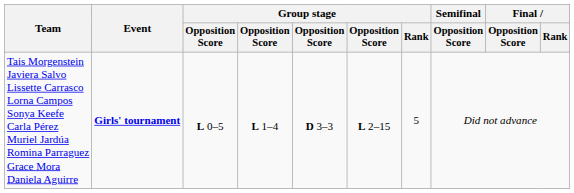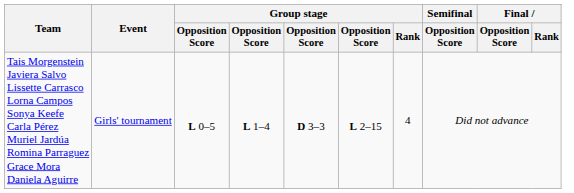 <table class=wikitable style=font-size:90%;text-align:center>
 <tr>
 <th rowspan=2>Team</th>
 <th rowspan=2>Event</th>
 <th colspan=5>Group stage</th>
 <th>Semifinal</th>
 <th colspan=2>Final / </th>
 </tr>
 <tr style=font-size:95%>
 <th>Opposition<br>Score</th>
 <th>Opposition<br>Score</th>
 <th>Opposition<br>Score</th>
 <th>Opposition<br>Score</th>
 <th>Rank</th>
 <th>Opposition<br>Score</th>
 <th>Opposition<br>Score</th>
 <th>Rank</th>
 </tr>
 <tr>
 <td align=left><a href='#'>Tais Morgenstein</a> <br> <a href='#'>Javiera Salvo</a> <br> <a href='#'>Lissette Carrasco</a> <br> <a href='#'>Lorna Campos</a> <br> <a href='#'>Sonya Keefe</a> <br> <a href='#'>Carla Pérez</a><br> <a href='#'>Muriel Jardúa</a> <br> <a href='#'>Romina Parraguez</a> <br> <a href='#'>Grace Mora</a> <br> <a href='#'>Daniela Aguirre</a></td>
-<td align=left><strong><a href='#'>Girls' tournament</a></strong></td>
+<td align=left><a href='#'>Girls' tournament</a></td>
 <td><br><strong>L</strong> 0–5</td>
 <td><br><strong>L</strong> 1–4</td>
 <td><br><strong>D</strong> 3–3</td>
 <td><br><strong>L</strong> 2–15</td>
-<td>5</td>
+<td>4</td>
 <td Colspan=3><em>Did not advance</em></td>
 </tr>
 </table>
